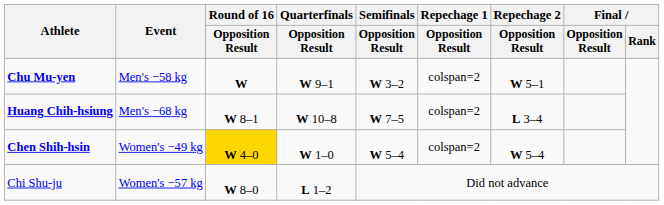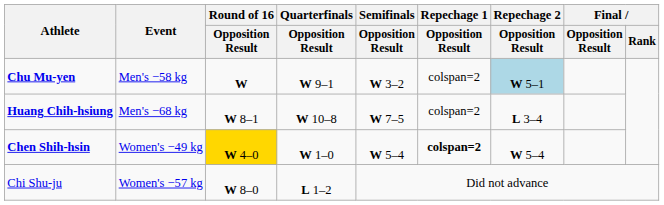 <table class="wikitable" style="font-size:90%;">
 <tr>
 <th rowspan=2>Athlete</th>
 <th rowspan=2>Event</th>
 <th>Round of 16</th>
 <th>Quarterfinals</th>
 <th>Semifinals</th>
 <th>Repechage 1</th>
 <th>Repechage 2</th>
 <th colspan=2>Final / </th>
 </tr>
 <tr style="font-size:95%">
 <th>Opposition<br>Result</th>
 <th>Opposition<br>Result</th>
 <th>Opposition<br>Result</th>
 <th>Opposition<br>Result</th>
 <th>Opposition<br>Result</th>
 <th>Opposition<br>Result</th>
 <th>Rank</th>
 </tr>
 <tr align=center>
 <td align=left><strong><a href='#'>Chu Mu-yen</a></strong></td>
 <td align=left><a href='#'>Men's −58 kg</a></td>
 <td><br><strong>W</strong> </td>
 <td><br><strong>W</strong> 9–1</td>
 <td><br><strong>W</strong> 3–2</td>
 <td>colspan=2 </td>
-<td><br><strong>W</strong> 5–1</td>
+<td style="background: lightblue;"><br><strong>W</strong> 5–1</td>
 <td></td>
 </tr>
 <tr align=center>
 <td align=left><strong><a href='#'>Huang Chih-hsiung</a></strong></td>
 <td align=left><a href='#'>Men's −68 kg</a></td>
 <td><br><strong>W</strong> 8–1</td>
 <td><br><strong>W</strong> 10–8</td>
 <td><br><strong>W</strong> 7–5</td>
 <td>colspan=2 </td>
 <td><br><strong>L</strong> 3–4</td>
 <td></td>
 </tr>
 <tr align=center>
 <td align=left><strong><a href='#'>Chen Shih-hsin</a></strong></td>
 <td align=left><a href='#'>Women's −49 kg</a></td>
 <td style="background: gold;"><br><strong>W</strong> 4–0</td>
 <td><br><strong>W</strong> 1–0</td>
 <td><br><strong>W</strong> 5–4</td>
-<td>colspan=2 </td>
+<td><strong>colspan=2 </strong></td>
 <td><br><strong>W</strong> 5–4</td>
 <td></td>
 </tr>
 <tr align=center>
 <td align=left><a href='#'>Chi Shu-ju</a></td>
 <td align=left><a href='#'>Women's −57 kg</a></td>
 <td><br><strong>W</strong> 8–0</td>
 <td><br><strong>L</strong> 1–2</td>
 <td colspan=5>Did not advance</td>
 </tr>
 </table>
